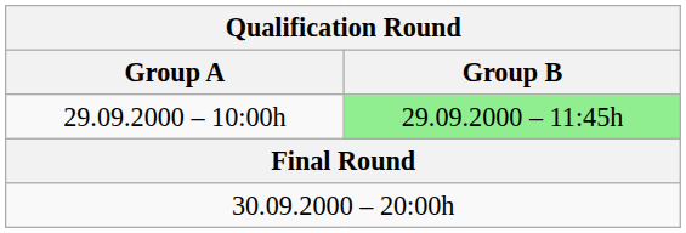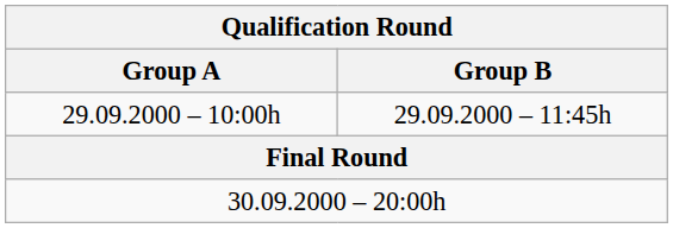 <table class="wikitable" style=" text-align:center; font-size:110%;" width="35%">
 <tr>
 <th colspan="2">Qualification Round</th>
 </tr>
 <tr>
 <th>Group A</th>
 <th>Group B</th>
 </tr>
 <tr>
 <td>29.09.2000 – 10:00h</td>
-<td style="background: lightgreen;">29.09.2000 – 11:45h</td>
+<td>29.09.2000 – 11:45h</td>
 </tr>
 <tr>
 <th colspan="2">Final Round</th>
 </tr>
 <tr>
 <td colspan="2">30.09.2000 – 20:00h</td>
 </tr>
 </table>
